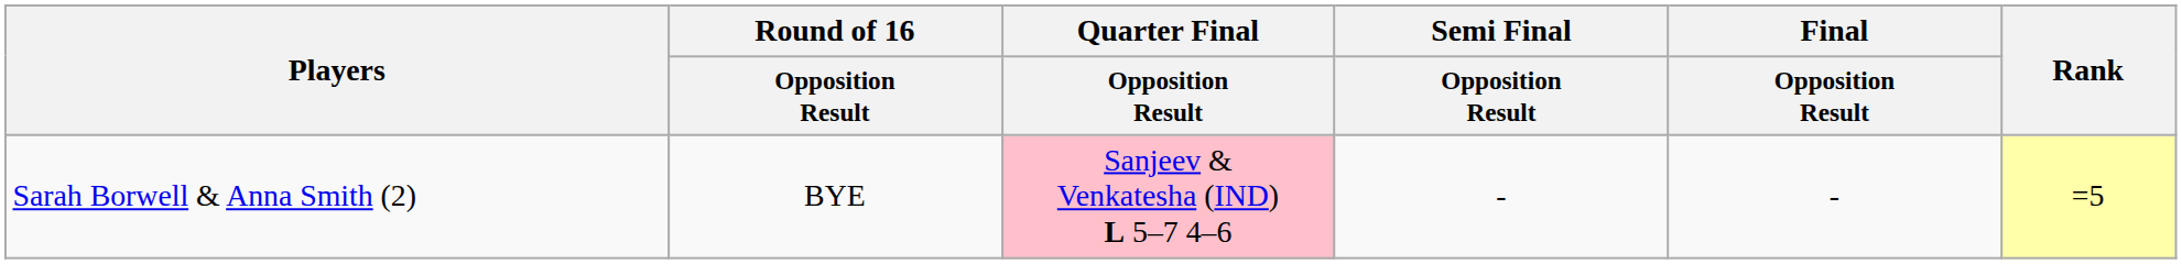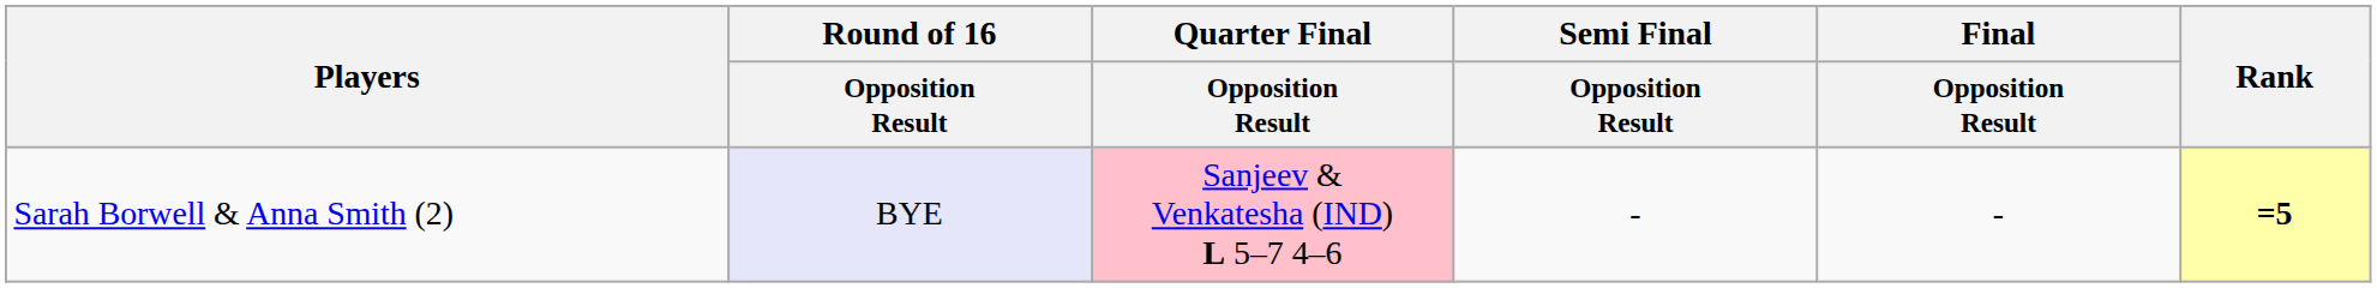 <table class=wikitable style="font-size:90%">
 <tr>
 <th rowspan="2" style="width:305px;">Players</th>
 <th width=150>Round of 16</th>
 <th width=150>Quarter Final</th>
 <th width=150>Semi Final</th>
 <th width=150>Final</th>
 <th rowspan="2" style="width:75px;">Rank</th>
 </tr>
 <tr>
 <th style="line-height:1em"><small>Opposition<br>Result</small></th>
 <th style="line-height:1em"><small>Opposition<br>Result</small></th>
 <th style="line-height:1em"><small>Opposition<br>Result</small></th>
 <th style="line-height:1em"><small>Opposition<br>Result</small></th>
 </tr>
 <tr>
 <td><a href='#'>Sarah Borwell</a> & <a href='#'>Anna Smith</a> (2)</td>
-<td style="text-align:center;">BYE</td>
+<td style="background: lavender; text-align:center;">BYE</td>
 <td style="text-align:center; background:pink;"> <a href='#'>Sanjeev</a> &<br> <a href='#'>Venkatesha</a> (<a href='#'>IND</a>)<br><strong>L</strong> 5–7 4–6</td>
 <td style="text-align:center;">-</td>
 <td style="text-align:center;">-</td>
-<td style="text-align:center; background:#ffa;">=5</td>
+<td style="text-align:center; background:#ffa;"><strong>=5</strong></td>
 </tr>
 </table>
